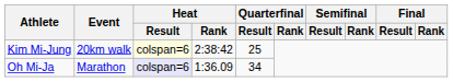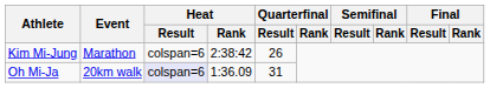 <table class=wikitable style="font-size:90%">
 <tr>
 <th rowspan="2">Athlete</th>
 <th rowspan="2">Event</th>
 <th colspan="2">Heat</th>
 <th colspan="2">Quarterfinal</th>
 <th colspan="2">Semifinal</th>
 <th colspan="2">Final</th>
 </tr>
 <tr style="font-size:95%">
 <th>Result</th>
 <th>Rank</th>
 <th>Result</th>
 <th>Rank</th>
 <th>Result</th>
 <th>Rank</th>
 <th>Result</th>
 <th>Rank</th>
 </tr>
 <tr style="text-align: center;">
 <td style="text-align: left;"><a href='#'>Kim Mi-Jung</a></td>
-<td style="text-align: left;"><a href='#'>20km walk</a></td>
-<td style="background: lightyellow;">colspan=6 </td>
+<td style="text-align: left;"><a href='#'>Marathon</a></td>
+<td>colspan=6 </td>
 <td>2:38:42</td>
-<td>25</td>
+<td>26</td>
 </tr>
 <tr style="text-align: center;">
 <td style="text-align: left;"><a href='#'>Oh Mi-Ja</a></td>
-<td style="text-align: left;"><a href='#'>Marathon</a></td>
+<td style="text-align: left;"><a href='#'>20km walk</a></td>
 <td style="background: lavender;">colspan=6 </td>
 <td>1:36.09</td>
-<td>34</td>
+<td>31</td>
 </tr>
 </table>
